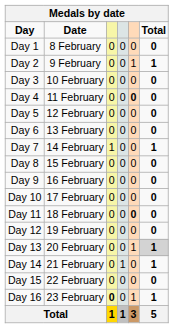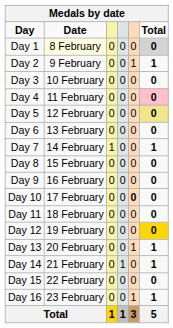 <table class=wikitable style="font-size:85%;float:right">
 <tr style="background:#efefef;">
 <th colspan=6>Medals by date</th>
 </tr>
 <tr align=center>
 <td><strong>Day</strong></td>
 <td><strong>Date</strong></td>
 <td style="background:#f7f6a8;"></td>
 <td style="background:#dce5e5;"></td>
 <td style="background:#ffdab9;"></td>
 <td><strong>Total</strong></td>
 </tr>
 <tr align=center>
 <td>Day 1</td>
-<td>8 February</td>
+<td style="background: lightyellow;">8 February</td>
 <td style="background:#f7f6a8;">0</td>
 <td style="background:#dce5e5;">0</td>
 <td style="background:#ffdab9;">0</td>
-<td><strong>0</strong></td>
+<td style="background: lightgrey;"><strong>0</strong></td>
 </tr>
 <tr align=center>
 <td>Day 2</td>
 <td>9 February</td>
 <td style="background:#f7f6a8;">0</td>
 <td style="background:#dce5e5;">0</td>
 <td style="background:#ffdab9;">1</td>
 <td><strong>1</strong></td>
 </tr>
 <tr align=center>
 <td>Day 3</td>
 <td>10 February</td>
 <td style="background:#f7f6a8;">0</td>
 <td style="background:#dce5e5;">0</td>
 <td style="background:#ffdab9;">0</td>
 <td><strong>0</strong></td>
 </tr>
 <tr align=center>
 <td>Day 4</td>
 <td>11 February</td>
 <td style="background:#f7f6a8;">0</td>
 <td style="background:#dce5e5;">0</td>
-<td style="background:#ffdab9;"><strong>0</strong></td>
-<td><strong>0</strong></td>
+<td style="background:#ffdab9;">0</td>
+<td style="background: pink;"><strong>0</strong></td>
 </tr>
 <tr align=center>
 <td>Day 5</td>
 <td>12 February</td>
 <td style="background:#f7f6a8;">0</td>
 <td style="background:#dce5e5;">0</td>
 <td style="background:#ffdab9;">0</td>
-<td><strong>0</strong></td>
+<td style="background: khaki;"><strong>0</strong></td>
 </tr>
 <tr align=center>
 <td>Day 6</td>
 <td>13 February</td>
 <td style="background:#f7f6a8;">0</td>
 <td style="background:#dce5e5;">0</td>
 <td style="background:#ffdab9;">0</td>
 <td><strong>0</strong></td>
 </tr>
 <tr align=center>
 <td>Day 7</td>
 <td>14 February</td>
 <td style="background:#f7f6a8;">1</td>
 <td style="background:#dce5e5;">0</td>
 <td style="background:#ffdab9;">0</td>
 <td><strong>1</strong></td>
 </tr>
 <tr align=center>
 <td>Day 8</td>
 <td>15 February</td>
 <td style="background:#f7f6a8;">0</td>
 <td style="background:#dce5e5;">0</td>
 <td style="background:#ffdab9;">0</td>
 <td><strong>0</strong></td>
 </tr>
 <tr align=center>
 <td>Day 9</td>
 <td>16 February</td>
 <td style="background:#f7f6a8;">0</td>
 <td style="background:#dce5e5;">0</td>
 <td style="background:#ffdab9;">0</td>
 <td><strong>0</strong></td>
 </tr>
 <tr align=center>
 <td>Day 10</td>
 <td>17 February</td>
 <td style="background:#f7f6a8;">0</td>
 <td style="background:#dce5e5;">0</td>
-<td style="background:#ffdab9;">0</td>
+<td style="background:#ffdab9;"><strong>0</strong></td>
 <td><strong>0</strong></td>
 </tr>
 <tr align=center>
 <td>Day 11</td>
 <td>18 February</td>
 <td style="background:#f7f6a8;">0</td>
 <td style="background:#dce5e5;">0</td>
-<td style="background:#ffdab9;"><strong>0</strong></td>
+<td style="background:#ffdab9;">0</td>
 <td><strong>0</strong></td>
 </tr>
 <tr align=center>
 <td>Day 12</td>
 <td>19 February</td>
 <td style="background:#f7f6a8;">0</td>
 <td style="background:#dce5e5;">0</td>
 <td style="background:#ffdab9;">0</td>
-<td><strong>0</strong></td>
+<td style="background: gold;"><strong>0</strong></td>
 </tr>
 <tr align=center>
 <td>Day 13</td>
 <td>20 February</td>
 <td style="background:#f7f6a8;">0</td>
 <td style="background:#dce5e5;">0</td>
 <td style="background:#ffdab9;">1</td>
-<td style="background: lightgrey;"><strong>1</strong></td>
+<td><strong>1</strong></td>
 </tr>
 <tr align=center>
 <td>Day 14</td>
 <td>21 February</td>
 <td style="background:#f7f6a8;">0</td>
 <td style="background:#dce5e5;">1</td>
 <td style="background:#ffdab9;">0</td>
 <td><strong>1</strong></td>
 </tr>
 <tr align=center>
 <td>Day 15</td>
 <td>22 February</td>
 <td style="background:#f7f6a8;">0</td>
 <td style="background:#dce5e5;">0</td>
 <td style="background:#ffdab9;">0</td>
 <td><strong>0</strong></td>
 </tr>
 <tr align=center>
 <td>Day 16</td>
 <td>23 February</td>
-<td style="background:#f7f6a8;"><strong>0</strong></td>
+<td style="background:#f7f6a8;">0</td>
 <td style="background:#dce5e5;">0</td>
 <td style="background:#ffdab9;">1</td>
 <td><strong>1</strong></td>
 </tr>
 <tr>
 <th colspan=2>Total</th>
 <th style="background:gold">1</th>
 <th style="background:silver">1</th>
 <th style="background:#c96">3</th>
 <th>5</th>
 </tr>
 </table>
